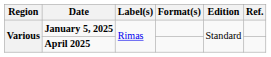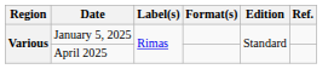 <table class="wikitable plainrowheaders">
 <tr>
 <th scope="col">Region</th>
 <th scope="col">Date</th>
 <th scope="col">Label(s)</th>
 <th scope="col">Format(s)</th>
 <th scope="col">Edition</th>
 <th scope="col">Ref.</th>
 </tr>
 <tr>
 <th rowspan="2" scope="row">Various</th>
-<td><strong>January 5, 2025</strong></td>
+<td>January 5, 2025</td>
 <td rowspan="2"><a href='#'>Rimas</a></td>
 <td></td>
 <td rowspan="2">Standard</td>
 <td></td>
 </tr>
 <tr>
-<td><strong>April 2025</strong></td>
+<td>April 2025</td>
 <td></td>
 <td></td>
 </tr>
 </table>
